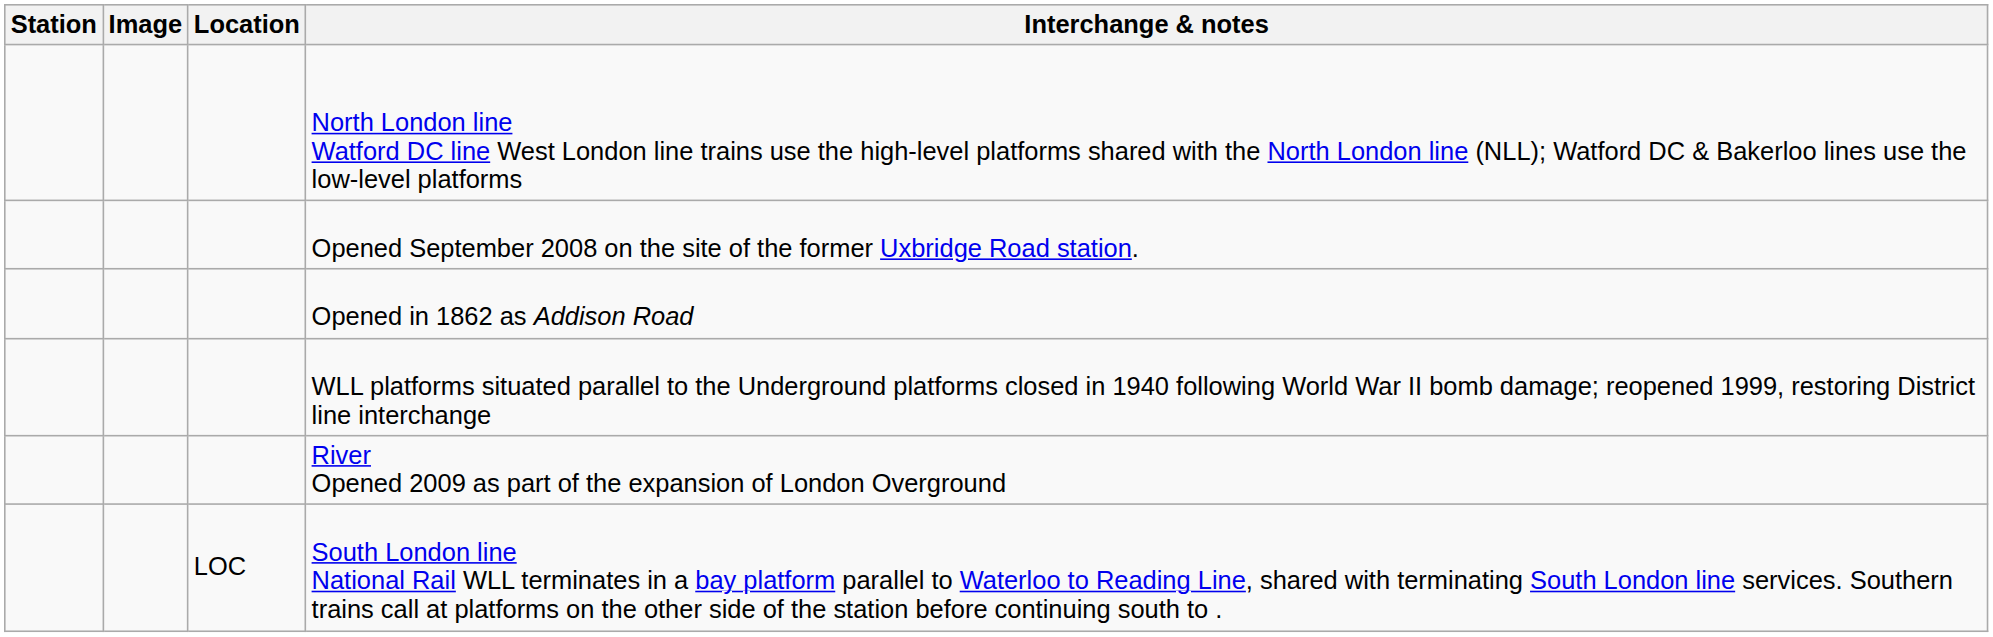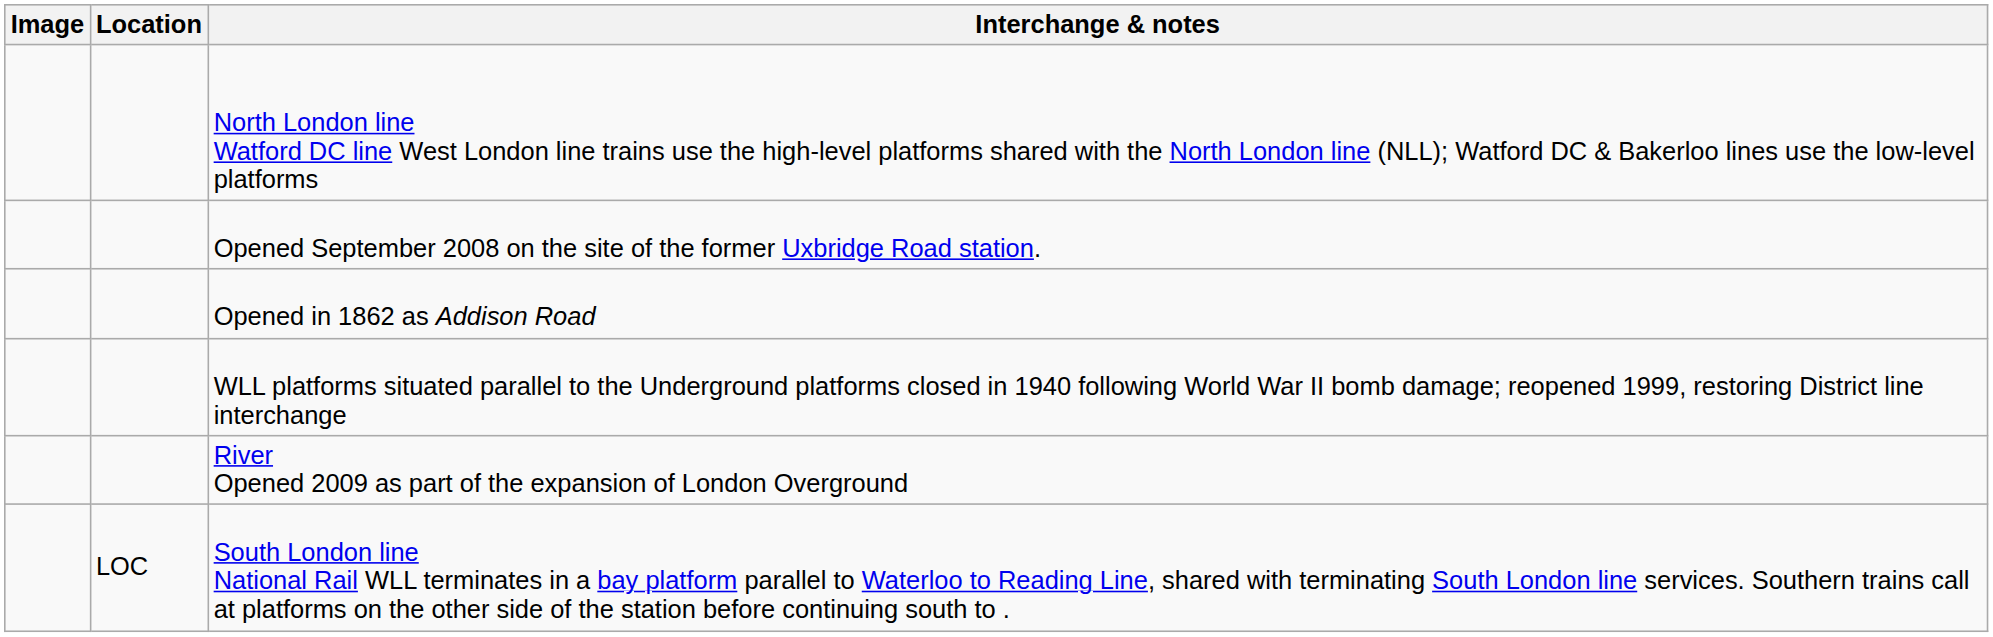 <table class="wikitable">
 <tr>
-<th>Station</th>
 <th>Image</th>
 <th>Location</th>
 <th>Interchange & notes</th>
 </tr>
 <tr>
-<td><br></td>
 <td></td>
 <td></td>
 <td><br> <br> <a href='#'>North London line</a><br> <a href='#'>Watford DC line</a> West London line trains use the high-level platforms shared with the <a href='#'>North London line</a> (NLL); Watford DC & Bakerloo lines use the low-level platforms</td>
 </tr>
 <tr>
 <td></td>
 <td></td>
-<td></td>
 <td> <br>Opened September 2008 on the site of the former <a href='#'>Uxbridge Road station</a>.</td>
 </tr>
 <tr>
-<td></td>
 <td></td>
 <td></td>
 <td> <br>Opened in 1862 as <em>Addison Road</em></td>
 </tr>
 <tr>
 <td></td>
 <td></td>
-<td></td>
 <td> <br>WLL platforms situated parallel to the Underground platforms closed in 1940 following World War II bomb damage; reopened 1999, restoring District line interchange</td>
 </tr>
 <tr>
-<td></td>
 <td></td>
 <td></td>
 <td> <a href='#'>River</a><br>Opened 2009 as part of the expansion of London Overground</td>
 </tr>
 <tr>
 <td></td>
-<td></td>
 <td>LOC</td>
 <td><br> <a href='#'>South London line</a><br>  <a href='#'>National Rail</a>  WLL terminates in a <a href='#'>bay platform</a> parallel to <a href='#'>Waterloo to Reading Line</a>, shared with terminating <a href='#'>South London line</a> services. Southern trains call at platforms on the other side of the station before continuing south to .</td>
 </tr>
 </table>
